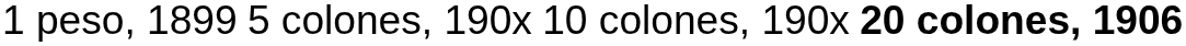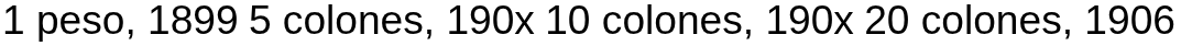 <table>
 <tr>
 <td></td>
 <td></td>
 <td></td>
 <td></td>
 </tr>
 <tr>
 <td></td>
 <td></td>
 <td></td>
 <td></td>
 </tr>
 <tr style="text-align:center;">
 <td>1 peso, 1899</td>
 <td style="text-align:center;">5 colones, 190x</td>
 <td style="text-align:center;">10 colones, 190x</td>
-<td style="text-align:center;"><strong>20 colones, 1906</strong></td>
+<td style="text-align:center;">20 colones, 1906</td>
 </tr>
 </table>
